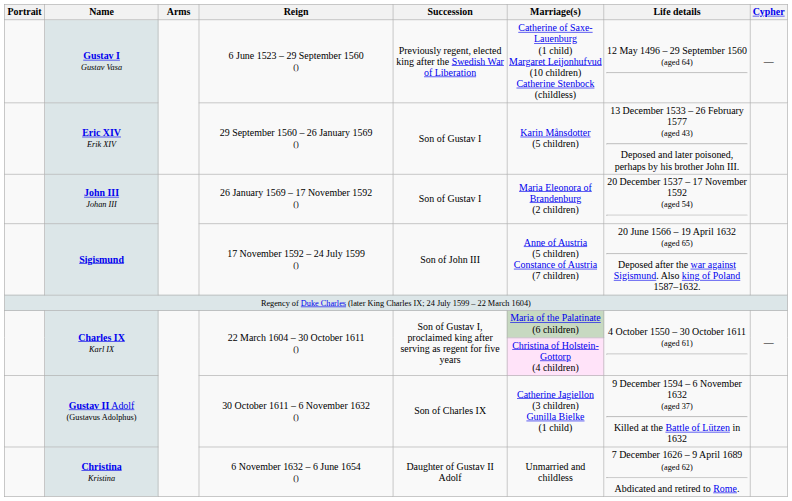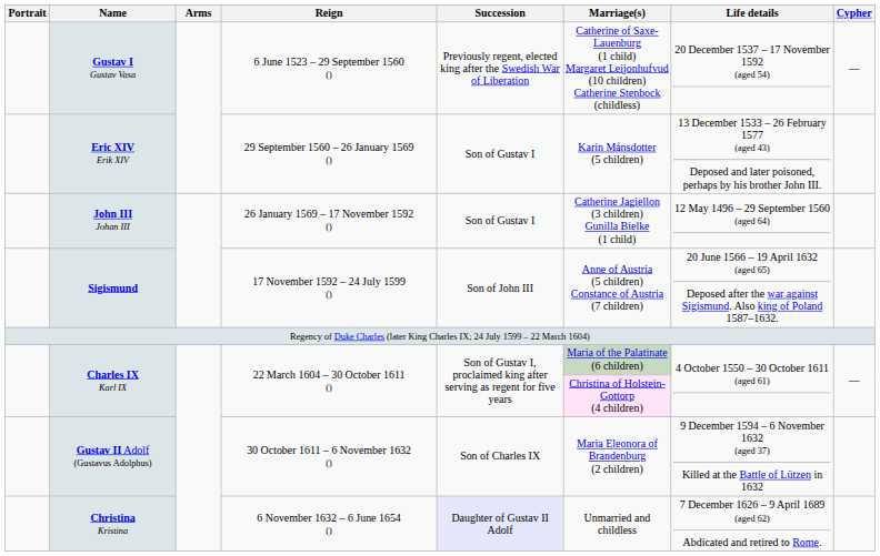 <table class="wikitable" style="text-align:center; width:100%;">
 <tr>
 <th width="5%">Portrait</th>
 <th width="14%">Name</th>
 <th width="5%">Arms</th>
 <th width="24%">Reign</th>
 <th width="14%">Succession</th>
 <th width="12%">Marriage(s)</th>
 <th width="18%">Life details</th>
 <th width="3%"><a href='#'>Cypher</a></th>
 </tr>
 <tr>
 <td></td>
 <td style="background-color: #dce6e8"><strong><a href='#'>Gustav I</a></strong><br><small><em>Gustav Vasa</em></small></td>
 <td rowspan=2><br></td>
 <td>6 June 1523 – 29 September 1560<br><small>()</small></td>
 <td>Previously regent, elected king after the <a href='#'>Swedish War of Liberation</a></td>
 <td><a href='#'>Catherine of Saxe-Lauenburg</a><br>(1 child)<br><a href='#'>Margaret Leijonhufvud</a><br>(10 children)<br><a href='#'>Catherine Stenbock</a><br>(childless)</td>
-<td>12 May 1496 – 29 September 1560<br><small>(aged 64)</small><hr></td>
+<td>20 December 1537 – 17 November 1592<br><small>(aged 54)</small><hr></td>
 <td>—<br></td>
 </tr>
 <tr>
 <td></td>
 <td style="background-color: #dce6e8"><strong><a href='#'>Eric XIV</a></strong><br><small><em>Erik XIV</em></small></td>
 <td>29 September 1560 – 26 January 1569<br><small>()</small></td>
 <td>Son of Gustav I</td>
 <td><a href='#'>Karin Månsdotter</a><br>(5 children)</td>
 <td>13 December 1533 – 26 February 1577<br><small>(aged 43)</small><hr>Deposed and later poisoned, perhaps by his brother John III.</td>
 <td></td>
 </tr>
 <tr>
 <td></td>
 <td style="background-color: #dce6e8"><strong><a href='#'>John III</a></strong><br><small><em>Johan III</em></small></td>
 <td rowspan=2><br></td>
 <td>26 January 1569 – 17 November 1592<br><small>()</small></td>
 <td>Son of Gustav I</td>
-<td><a href='#'>Maria Eleonora of Brandenburg</a><br>(2 children)</td>
-<td>20 December 1537 – 17 November 1592<br><small>(aged 54)</small><hr></td>
+<td><a href='#'>Catherine Jagiellon</a><br>(3 children)<br><a href='#'>Gunilla Bielke</a><br>(1 child)</td>
+<td>12 May 1496 – 29 September 1560<br><small>(aged 64)</small><hr></td>
 <td></td>
 </tr>
 <tr>
 <td></td>
 <td style="background-color: #dce6e8"><strong><a href='#'>Sigismund</a></strong></td>
 <td>17 November 1592 – 24 July 1599<br><small>()</small></td>
 <td>Son of John III</td>
 <td><a href='#'>Anne of Austria</a><br>(5 children)<br><a href='#'>Constance of Austria</a><br>(7 children)</td>
 <td>20 June 1566 – 19 April 1632<br><small>(aged 65)</small><hr>Deposed after the <a href='#'>war against Sigismund</a>. Also <a href='#'>king of Poland</a> 1587–1632.</td>
 <td></td>
 </tr>
 <tr>
 <td colspan=8 style="background-color: #dce6e8"><small>Regency of <a href='#'>Duke Charles</a> (later King Charles IX; 24 July 1599 – 22 March 1604)</small></td>
 </tr>
 <tr>
 <td rowspan=2></td>
 <td rowspan=2 style="background-color: #dce6e8"><strong><a href='#'>Charles IX</a></strong><br><small><em>Karl IX</em></small></td>
 <td rowspan=4></td>
 <td rowspan=2>22 March 1604 – 30 October 1611<br><small>()</small></td>
 <td rowspan=2>Son of Gustav I, proclaimed king after serving as regent for five years</td>
 <td style="background-color: #c7d9c1"><a href='#'>Maria of the Palatinate</a><br>(6 children)</td>
 <td rowspan=2>4 October 1550 – 30 October 1611<br><small>(aged 61)</small><hr></td>
 <td rowspan=2>—<br></td>
 </tr>
 <tr>
 <td style="background-color: #ffe3f9"><a href='#'>Christina of Holstein-Gottorp</a><br>(4 children)</td>
 </tr>
 <tr>
 <td></td>
 <td style="background-color: #dce6e8"><a href='#'><strong>Gustav II</strong> Adolf</a><br><small>(Gustavus Adolphus)</small></td>
 <td>30 October 1611 – 6 November 1632<br><small>()</small></td>
 <td>Son of Charles IX</td>
-<td><a href='#'>Catherine Jagiellon</a><br>(3 children)<br><a href='#'>Gunilla Bielke</a><br>(1 child)</td>
+<td><a href='#'>Maria Eleonora of Brandenburg</a><br>(2 children)</td>
 <td>9 December 1594 – 6 November 1632<br><small>(aged 37)</small><hr>Killed at the <a href='#'>Battle of Lützen</a> in 1632</td>
 <td></td>
 </tr>
 <tr>
 <td></td>
 <td style="background-color: #dce6e8"><strong><a href='#'>Christina</a></strong><br><small><em>Kristina</em></small></td>
 <td>6 November 1632 – 6 June 1654<br><small>()</small></td>
-<td>Daughter of Gustav II Adolf</td>
+<td style="background: lavender;">Daughter of Gustav II Adolf</td>
 <td>Unmarried and childless</td>
 <td>7 December 1626 – 9 April 1689<br><small>(aged 62)</small><hr>Abdicated and retired to <a href='#'>Rome</a>.</td>
 <td></td>
 </tr>
 </table>
